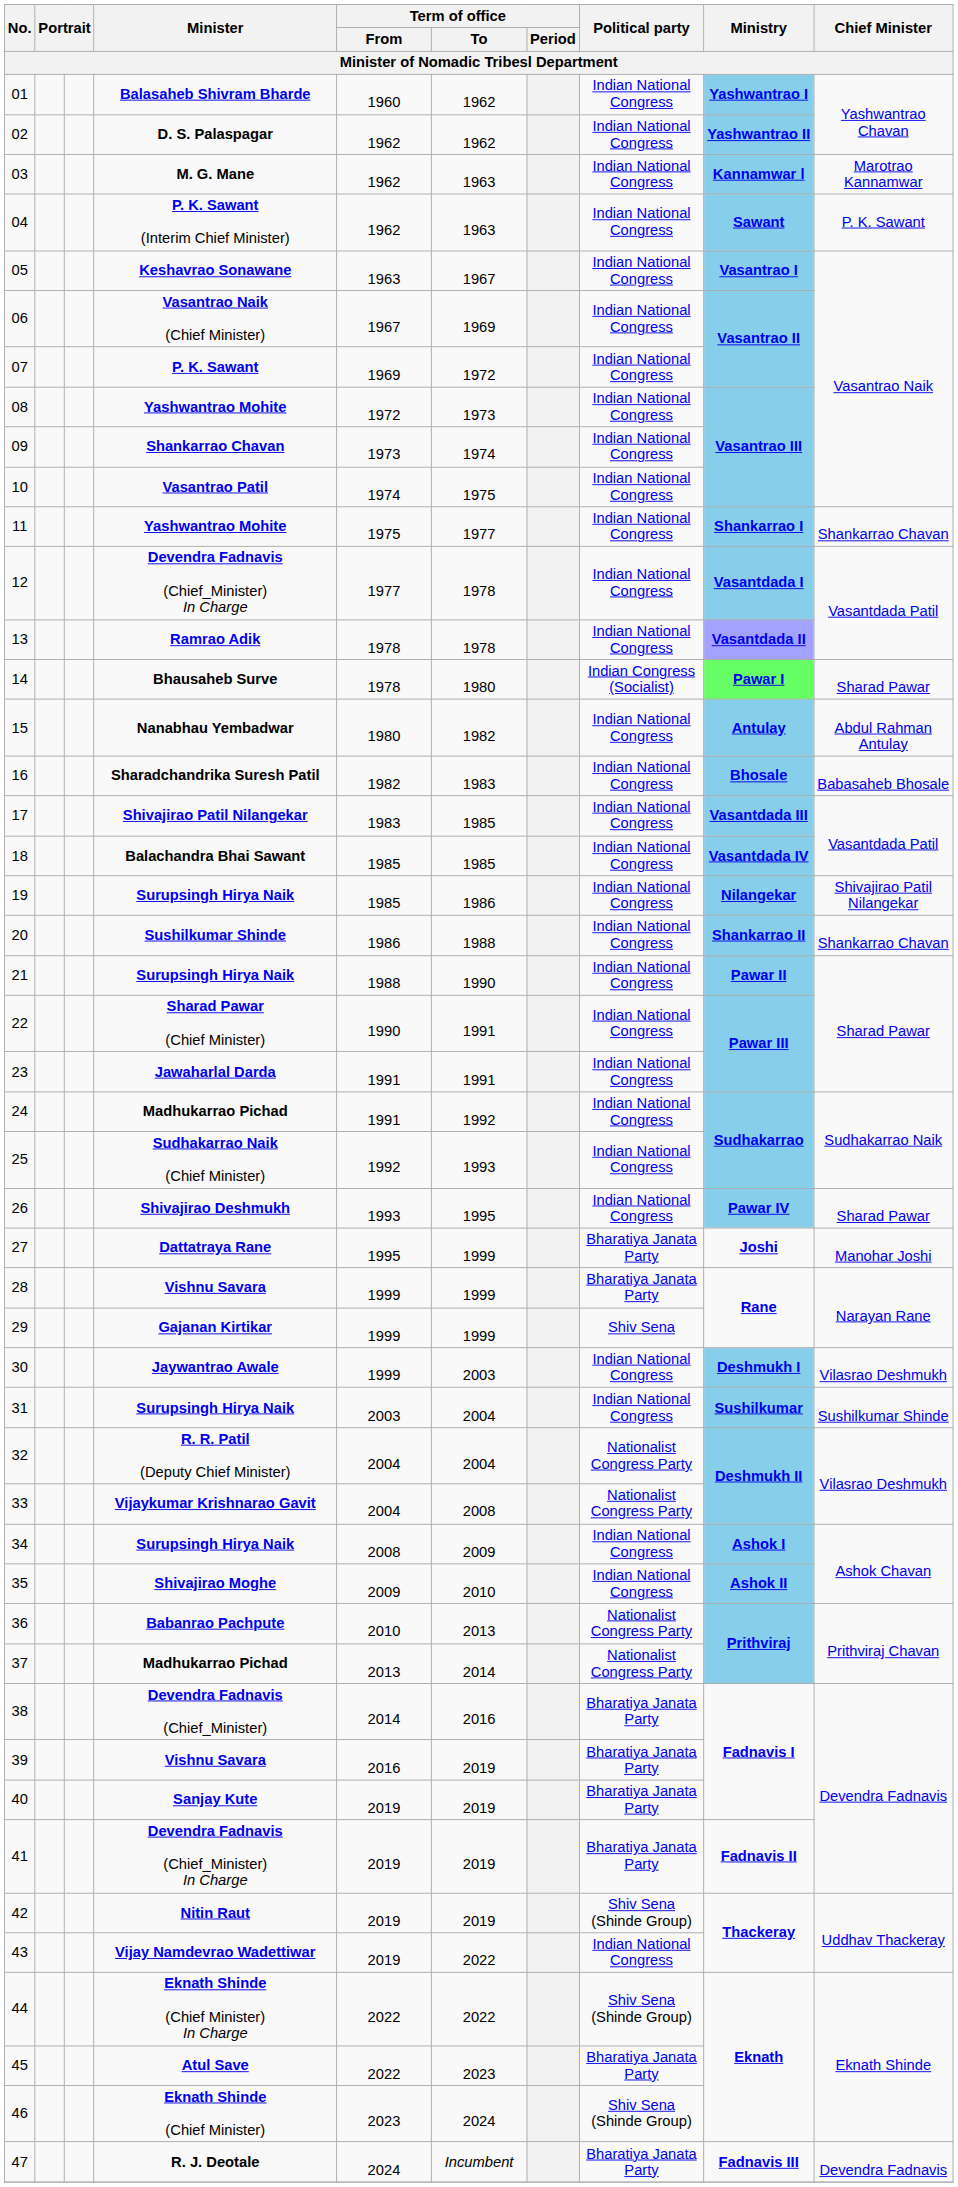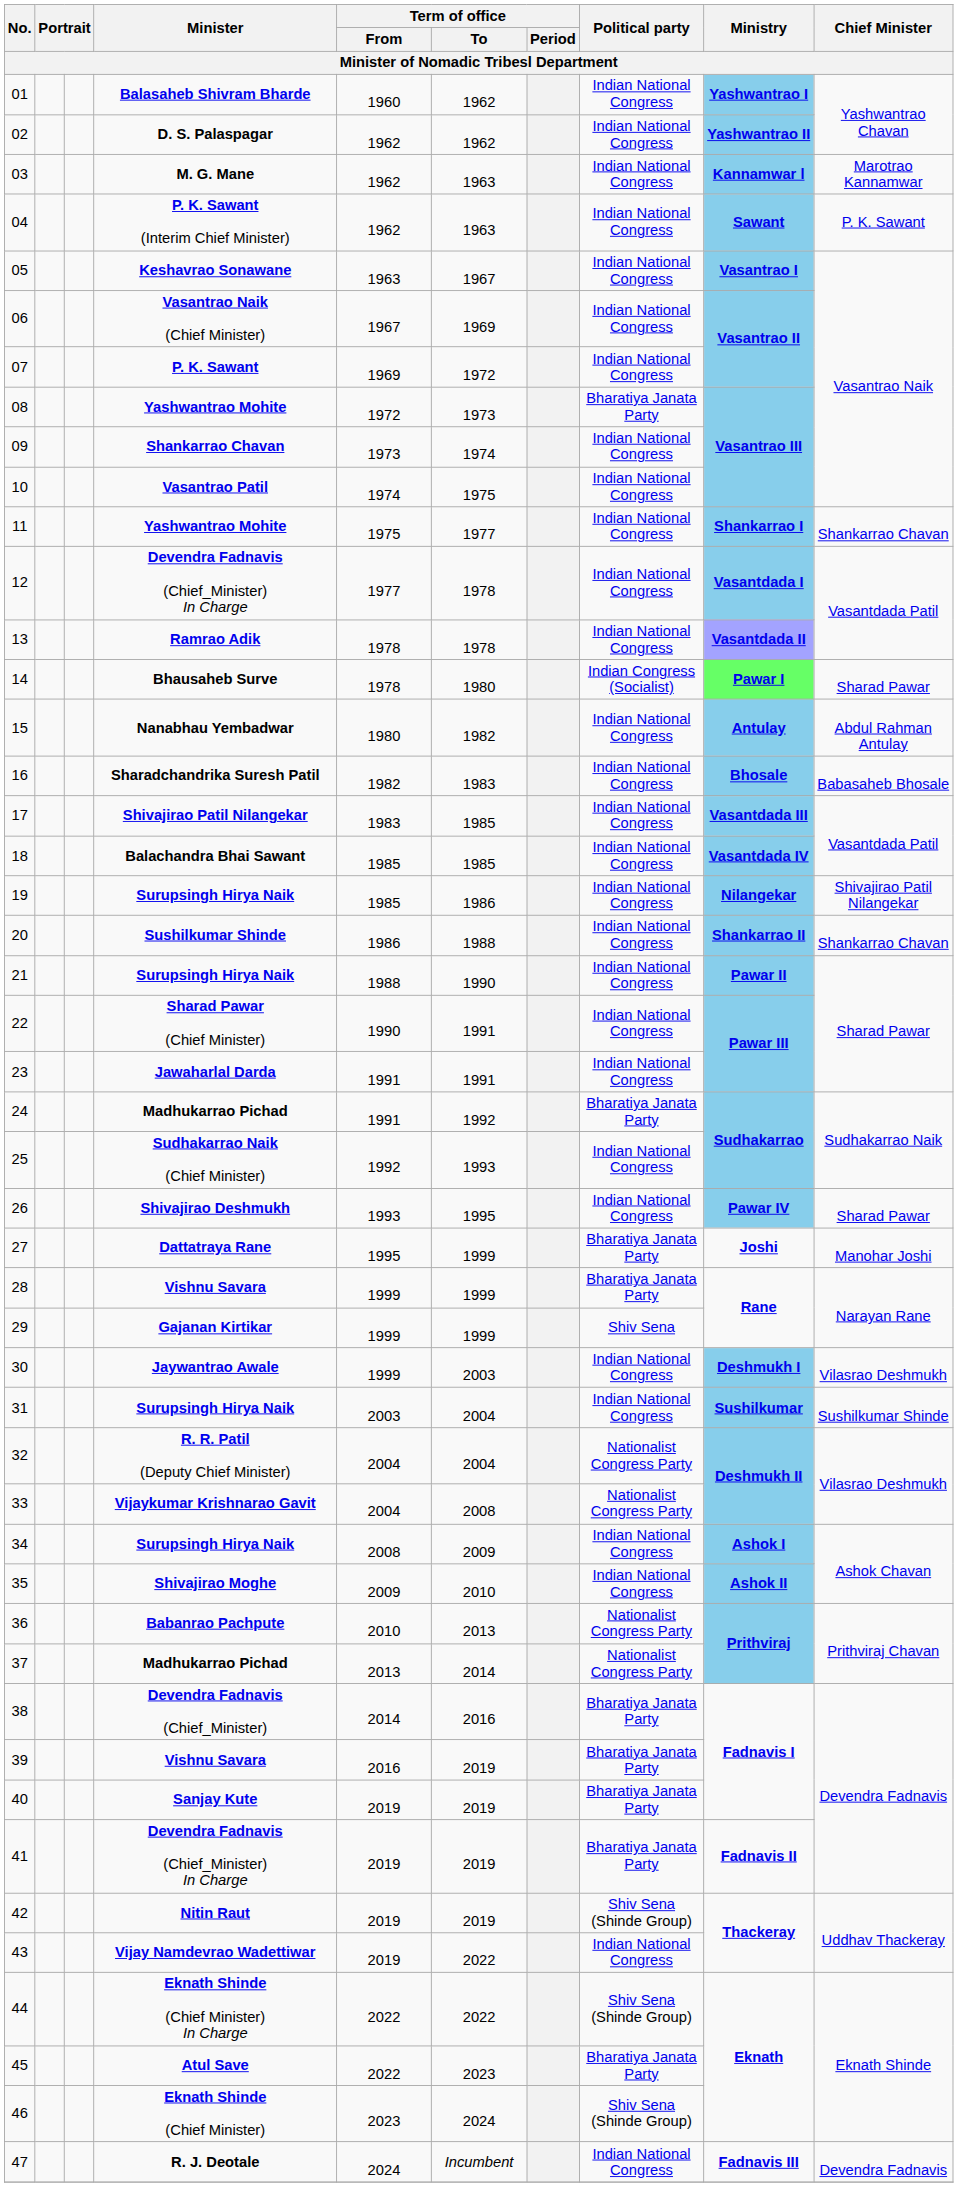 <table class="wikitable" style="text-align:center">
 <tr>
 <th rowspan="2">No.</th>
 <th rowspan="2" colspan="2">Portrait</th>
 <th rowspan="2" style="width:16em">Minister<br></th>
 <th colspan="3">Term of office</th>
 <th rowspan="2" style="width:8em">Political party</th>
 <th rowspan="2">Ministry</th>
 <th rowspan="2" style="width:9em">Chief Minister</th>
 </tr>
 <tr>
 <th style="width:6em">From</th>
 <th style="width:6em">To</th>
 <th>Period</th>
 </tr>
 <tr>
 <th colspan="10">Minister of Nomadic Tribesl Department</th>
 </tr>
 <tr>
 <td>01</td>
 <td style="color:inherit;background:"></td>
 <td></td>
 <td><strong><a href='#'>Balasaheb Shivram Bharde</a></strong> <br> </td>
 <td><br>1960</td>
 <td><br>1962</td>
 <th></th>
 <td><a href='#'>Indian National Congress</a></td>
 <td bgcolor="#87CEEB"><a href='#'><strong>Yashwantrao I</strong></a></td>
 <td rowspan="2"> <br><a href='#'>Yashwantrao Chavan</a></td>
 </tr>
 <tr>
 <td>02</td>
 <td style="color:inherit;background:"></td>
 <td></td>
 <td><strong>D. S. Palaspagar</strong>  <br> </td>
 <td><br>1962</td>
 <td><br>1962</td>
 <th></th>
 <td><a href='#'>Indian National Congress</a></td>
 <td bgcolor="#87CEEB"><a href='#'><strong>Yashwantrao II</strong></a></td>
 </tr>
 <tr>
 <td>03</td>
 <td style="color:inherit;background:"></td>
 <td></td>
 <td><strong>M. G. Mane</strong> <br> </td>
 <td><br>1962</td>
 <td><br>1963</td>
 <th></th>
 <td><a href='#'>Indian National Congress</a></td>
 <td bgcolor="#87CEEB"><a href='#'><strong>Kannamwar l</strong></a></td>
 <td><a href='#'>Marotrao Kannamwar</a></td>
 </tr>
 <tr>
 <td>04</td>
 <td style="color:inherit;background:"></td>
 <td></td>
 <td><strong><a href='#'>P. K. Sawant</a></strong> <br>  <br>(Interim Chief Minister)</td>
 <td><br>1962</td>
 <td><br>1963</td>
 <th></th>
 <td><a href='#'>Indian National Congress</a></td>
 <td bgcolor="#87CEEB"><a href='#'><strong>Sawant</strong></a></td>
 <td><a href='#'>P. K. Sawant</a></td>
 </tr>
 <tr>
 <td>05</td>
 <td style="color:inherit;background:"></td>
 <td></td>
 <td><strong><a href='#'>Keshavrao Sonawane</a></strong> <br> </td>
 <td><br>1963</td>
 <td><br>1967</td>
 <th></th>
 <td><a href='#'>Indian National Congress</a></td>
 <td bgcolor="#87CEEB"><a href='#'><strong>Vasantrao I</strong></a></td>
 <td rowspan="6"><br><a href='#'>Vasantrao Naik</a></td>
 </tr>
 <tr>
 <td>06</td>
 <td style="color:inherit;background:"></td>
 <td></td>
 <td><strong><a href='#'>Vasantrao Naik</a></strong> <br> <br> (Chief Minister)</td>
 <td><br>1967</td>
 <td><br>1969</td>
 <th></th>
 <td><a href='#'>Indian National Congress</a></td>
 <td rowspan="2" bgcolor="#87CEEB"><a href='#'><strong>Vasantrao II</strong></a></td>
 </tr>
 <tr>
 <td>07</td>
 <td style="color:inherit;background:"></td>
 <td></td>
 <td><strong><a href='#'>P. K. Sawant</a></strong> <br> </td>
 <td><br>1969</td>
 <td><br>1972</td>
 <th></th>
 <td><a href='#'>Indian National Congress</a></td>
 </tr>
 <tr>
 <td>08</td>
 <td style="color:inherit;background:"></td>
 <td></td>
 <td><strong><a href='#'>Yashwantrao Mohite</a></strong> <br> </td>
 <td><br>1972</td>
 <td><br>1973</td>
 <th></th>
-<td><a href='#'>Indian National Congress</a></td>
+<td><a href='#'>Bharatiya Janata Party</a></td>
 <td rowspan="3" bgcolor="#87CEEB"><a href='#'><strong>Vasantrao III</strong></a></td>
 </tr>
 <tr>
 <td>09</td>
 <td style="color:inherit;background:"></td>
 <td></td>
 <td><strong><a href='#'>Shankarrao Chavan</a></strong> <br> </td>
 <td><br>1973</td>
 <td><br>1974</td>
 <th></th>
 <td><a href='#'>Indian National Congress</a></td>
 </tr>
 <tr>
 <td>10</td>
 <td style="color:inherit;background:"></td>
 <td></td>
 <td><strong><a href='#'>Vasantrao Patil</a></strong> <br> </td>
 <td><br>1974</td>
 <td><br>1975</td>
 <th></th>
 <td><a href='#'>Indian National Congress</a></td>
 </tr>
 <tr>
 <td>11</td>
 <td style="color:inherit;background:"></td>
 <td></td>
 <td><strong><a href='#'>Yashwantrao Mohite</a></strong> <br> </td>
 <td><br>1975</td>
 <td><br>1977</td>
 <th></th>
 <td><a href='#'>Indian National Congress</a></td>
 <td rowspan="1" bgcolor="#87CEEB"><a href='#'><strong>Shankarrao I</strong></a></td>
 <td rowspan="1"><br><a href='#'>Shankarrao Chavan</a></td>
 </tr>
 <tr>
 <td>12</td>
 <td style="color:inherit;background:"></td>
 <td></td>
 <td><strong><a href='#'>Devendra Fadnavis</a></strong>  <br> <br>(Chief_Minister) <br><em>In Charge</em></td>
 <td><br>1977</td>
 <td><br>1978</td>
 <th></th>
 <td><a href='#'>Indian National Congress</a></td>
 <td rowspan="1" bgcolor="#88CEEB"><a href='#'><strong>Vasantdada I</strong></a></td>
 <td rowspan="2"><br><a href='#'>Vasantdada Patil</a></td>
 </tr>
 <tr>
 <td>13</td>
 <td style="color:inherit;background:"></td>
 <td></td>
 <td><strong><a href='#'>Ramrao Adik</a></strong> <br> </td>
 <td><br>1978</td>
 <td><br>1978</td>
 <th></th>
 <td><a href='#'>Indian National Congress</a></td>
 <td rowspan="1" bgcolor="#A3A3FF"><a href='#'><strong>Vasantdada II</strong></a></td>
 </tr>
 <tr>
 <td>14</td>
 <td style="color:inherit;background:"></td>
 <td></td>
 <td><strong>Bhausaheb Surve</strong> <br> </td>
 <td><br>1978</td>
 <td><br>1980</td>
 <th></th>
 <td><a href='#'>Indian Congress (Socialist)</a></td>
 <td rowspan="1" bgcolor="#66FF66"><a href='#'><strong>Pawar I</strong></a></td>
 <td rowspan="1"><br><a href='#'>Sharad Pawar</a></td>
 </tr>
 <tr>
 <td>15</td>
 <td style="color:inherit;background:"></td>
 <td></td>
 <td><strong>Nanabhau Yembadwar</strong> <br> </td>
 <td><br>1980</td>
 <td><br>1982</td>
 <th></th>
 <td><a href='#'>Indian National Congress</a></td>
 <td rowspan="1" bgcolor="#87CEEB"><a href='#'><strong>Antulay</strong></a></td>
 <td rowspan="1"> <br><a href='#'>Abdul Rahman Antulay</a></td>
 </tr>
 <tr>
 <td>16</td>
 <td style="color:inherit;background:"></td>
 <td></td>
 <td><strong>Sharadchandrika Suresh Patil</strong>  <br> </td>
 <td><br>1982</td>
 <td><br>1983</td>
 <th></th>
 <td><a href='#'>Indian National Congress</a></td>
 <td rowspan="1" bgcolor="#87CEEB"><a href='#'><strong>Bhosale</strong></a></td>
 <td rowspan="1"> <br><a href='#'>Babasaheb Bhosale</a></td>
 </tr>
 <tr>
 <td>17</td>
 <td style="color:inherit;background:"></td>
 <td></td>
 <td><strong><a href='#'>Shivajirao Patil Nilangekar</a></strong> <br> </td>
 <td><br>1983</td>
 <td><br>1985</td>
 <th></th>
 <td><a href='#'>Indian National Congress</a></td>
 <td rowspan="1" bgcolor="#87CEEB"><a href='#'><strong>Vasantdada III</strong></a></td>
 <td rowspan="2"><br><a href='#'>Vasantdada Patil</a></td>
 </tr>
 <tr>
 <td>18</td>
 <td style="color:inherit;background:"></td>
 <td></td>
 <td><strong>Balachandra Bhai Sawant</strong>  <br> </td>
 <td><br>1985</td>
 <td><br>1985</td>
 <th></th>
 <td><a href='#'>Indian National Congress</a></td>
 <td bgcolor="#87CEEB"><a href='#'><strong>Vasantdada IV</strong></a></td>
 </tr>
 <tr>
 <td>19</td>
 <td style="color:inherit;background:"></td>
 <td></td>
 <td><strong><a href='#'>Surupsingh Hirya Naik</a></strong>  <br> </td>
 <td><br>1985</td>
 <td><br>1986</td>
 <th></th>
 <td><a href='#'>Indian National Congress</a></td>
 <td bgcolor="#87CEEB"><a href='#'><strong>Nilangekar</strong></a></td>
 <td><a href='#'>Shivajirao Patil Nilangekar</a></td>
 </tr>
 <tr>
 <td>20</td>
 <td style="color:inherit;background:"></td>
 <td></td>
 <td><strong><a href='#'>Sushilkumar Shinde</a></strong> <br> </td>
 <td><br>1986</td>
 <td><br>1988</td>
 <th></th>
 <td><a href='#'>Indian National Congress</a></td>
 <td rowspan="1"bgcolor="#87CEEB"><a href='#'><strong>Shankarrao II</strong></a></td>
 <td rowspan="1"> <br><a href='#'>Shankarrao Chavan</a></td>
 </tr>
 <tr>
 <td>21</td>
 <td style="color:inherit;background:"></td>
 <td></td>
 <td><strong><a href='#'>Surupsingh Hirya Naik</a></strong> <br> </td>
 <td><br>1988</td>
 <td><br>1990</td>
 <th></th>
 <td><a href='#'>Indian National Congress</a></td>
 <td rowspan="1" bgcolor="#87CEEB"><a href='#'><strong>Pawar II</strong></a></td>
 <td rowspan="3"> <br><a href='#'>Sharad Pawar</a></td>
 </tr>
 <tr>
 <td>22</td>
 <td style="color:inherit;background:"></td>
 <td></td>
 <td><strong><a href='#'>Sharad Pawar</a></strong> <br> <br> (Chief Minister)</td>
 <td><br>1990</td>
 <td><br>1991</td>
 <th></th>
 <td><a href='#'>Indian National Congress</a></td>
 <td rowspan="2" bgcolor="#87CEEB"><a href='#'><strong>Pawar III</strong></a></td>
 </tr>
 <tr>
 <td>23</td>
 <td style="color:inherit;background:"></td>
 <td></td>
 <td><strong><a href='#'>Jawaharlal Darda</a></strong> <br> </td>
 <td><br>1991</td>
 <td><br>1991</td>
 <th></th>
 <td><a href='#'>Indian National Congress</a></td>
 </tr>
 <tr>
 <td>24</td>
 <td style="color:inherit;background:"></td>
 <td></td>
 <td><strong>Madhukarrao Pichad</strong> <br> </td>
 <td><br>1991</td>
 <td><br>1992</td>
 <th></th>
-<td><a href='#'>Indian National Congress</a></td>
+<td><a href='#'>Bharatiya Janata Party</a></td>
 <td rowspan="2" bgcolor="#87CEEB"><a href='#'><strong>Sudhakarrao</strong></a></td>
 <td rowspan="2"><a href='#'>Sudhakarrao Naik</a></td>
 </tr>
 <tr>
 <td>25</td>
 <td style="color:inherit;background:"></td>
 <td></td>
 <td><strong><a href='#'>Sudhakarrao Naik</a></strong> <br> <br> (Chief Minister)</td>
 <td><br>1992</td>
 <td><br>1993</td>
 <th></th>
 <td><a href='#'>Indian National Congress</a></td>
 </tr>
 <tr>
 <td>26</td>
 <td style="color:inherit;background:"></td>
 <td></td>
 <td><strong><a href='#'>Shivajirao Deshmukh</a></strong> <br> </td>
 <td><br>1993</td>
 <td><br>1995</td>
 <th></th>
 <td><a href='#'>Indian National Congress</a></td>
 <td bgcolor="#87CEEB"><a href='#'><strong>Pawar IV</strong></a></td>
 <td> <br><a href='#'>Sharad Pawar</a></td>
 </tr>
 <tr>
 <td>27</td>
 <td style="color:inherit;background:"></td>
 <td></td>
 <td><strong><a href='#'>Dattatraya Rane</a></strong> <br> </td>
 <td><br>1995</td>
 <td><br>1999</td>
 <th></th>
 <td><a href='#'>Bharatiya Janata Party</a></td>
 <td rowspan="1"><a href='#'><strong>Joshi</strong></a></td>
 <td rowspan="1"> <br><a href='#'>Manohar Joshi</a></td>
 </tr>
 <tr>
 <td>28</td>
 <td style="color:inherit;background:"></td>
 <td></td>
 <td><strong><a href='#'>Vishnu Savara</a></strong> <br> </td>
 <td><br>1999</td>
 <td><br>1999</td>
 <th></th>
 <td><a href='#'>Bharatiya Janata Party</a></td>
 <td rowspan="2"><a href='#'><strong>Rane</strong></a></td>
 <td rowspan="2"> <br><a href='#'>Narayan Rane</a></td>
 </tr>
 <tr>
 <td>29</td>
 <td style="color:inherit;background:"></td>
 <td></td>
 <td><strong><a href='#'>Gajanan Kirtikar</a></strong> <br> </td>
 <td><br>1999</td>
 <td><br>1999</td>
 <th></th>
 <td><a href='#'>Shiv Sena</a></td>
 </tr>
 <tr>
 <td>30</td>
 <td style="color:inherit;background:"></td>
 <td></td>
 <td><strong><a href='#'>Jaywantrao Awale</a></strong> <br> </td>
 <td><br>1999</td>
 <td><br>2003</td>
 <th></th>
 <td><a href='#'>Indian National Congress</a></td>
 <td rowspan="1" bgcolor="#87CEEB"><a href='#'><strong>Deshmukh I</strong></a></td>
 <td rowspan="1"> <br><a href='#'>Vilasrao Deshmukh</a></td>
 </tr>
 <tr>
 <td>31</td>
 <td style="color:inherit;background:"></td>
 <td></td>
 <td><strong><a href='#'>Surupsingh Hirya Naik</a></strong> <br> </td>
 <td><br>2003</td>
 <td><br>2004</td>
 <th></th>
 <td><a href='#'>Indian National Congress</a></td>
 <td rowspan="1" bgcolor="#87CEEB"><a href='#'><strong>Sushilkumar</strong></a></td>
 <td rowspan="1"> <br><a href='#'>Sushilkumar Shinde</a></td>
 </tr>
 <tr>
 <td>32</td>
 <td style="color:inherit;background:"></td>
 <td></td>
 <td><strong><a href='#'>R. R. Patil</a></strong> <br> <br> (Deputy Chief Minister)</td>
 <td><br>2004</td>
 <td><br>2004</td>
 <th></th>
 <td><a href='#'>Nationalist Congress Party</a></td>
 <td rowspan="2" bgcolor="#87CEEB"><a href='#'><strong>Deshmukh II</strong></a></td>
 <td rowspan="2"> <br><a href='#'>Vilasrao Deshmukh</a></td>
 </tr>
 <tr>
 <td>33</td>
 <td style="color:inherit;background:"></td>
 <td></td>
 <td><strong><a href='#'>Vijaykumar Krishnarao Gavit</a></strong> <br> </td>
 <td><br>2004</td>
 <td><br>2008</td>
 <th></th>
 <td><a href='#'>Nationalist Congress Party</a></td>
 </tr>
 <tr>
 <td>34</td>
 <td style="color:inherit;background:"></td>
 <td></td>
 <td><strong><a href='#'>Surupsingh Hirya Naik</a></strong> <br> </td>
 <td><br>2008</td>
 <td><br>2009</td>
 <th></th>
 <td><a href='#'>Indian National Congress</a></td>
 <td bgcolor="#87CEEB"><a href='#'><strong>Ashok I</strong></a></td>
 <td rowspan="2"><br><a href='#'>Ashok Chavan</a></td>
 </tr>
 <tr>
 <td>35</td>
 <td style="color:inherit;background:"></td>
 <td></td>
 <td><strong><a href='#'>Shivajirao Moghe</a></strong> <br> </td>
 <td><br>2009</td>
 <td><br>2010</td>
 <th></th>
 <td><a href='#'>Indian National Congress</a></td>
 <td bgcolor="#87CEEB"><a href='#'><strong>Ashok II</strong></a></td>
 </tr>
 <tr>
 <td>36</td>
 <td style="color:inherit;background:"></td>
 <td></td>
 <td><strong><a href='#'>Babanrao Pachpute</a></strong> <br> </td>
 <td><br>2010</td>
 <td><br>2013</td>
 <th></th>
 <td><a href='#'>Nationalist Congress Party</a></td>
 <td rowspan="2" bgcolor="#87CEEB"><a href='#'><strong>Prithviraj</strong></a></td>
 <td rowspan="2"><br><a href='#'>Prithviraj Chavan</a></td>
 </tr>
 <tr>
 <td>37</td>
 <td style="color:inherit;background:"></td>
 <td></td>
 <td><strong>Madhukarrao Pichad</strong> <br> </td>
 <td><br>2013</td>
 <td><br>2014</td>
 <th></th>
 <td><a href='#'>Nationalist Congress Party</a></td>
 </tr>
 <tr>
 <td>38</td>
 <td style="color:inherit;background:"></td>
 <td></td>
 <td><strong><a href='#'>Devendra Fadnavis</a></strong>  <br> <br>(Chief_Minister)</td>
 <td><br>2014</td>
 <td><br>2016</td>
 <th></th>
 <td rowspan="1"><a href='#'>Bharatiya Janata Party</a></td>
 <td rowspan="3"><a href='#'><strong>Fadnavis I</strong></a></td>
 <td rowspan="4"> <br><a href='#'>Devendra Fadnavis</a></td>
 </tr>
 <tr>
 <td>39</td>
 <td style="color:inherit;background:"></td>
 <td></td>
 <td><strong><a href='#'>Vishnu Savara</a></strong> <br> </td>
 <td><br>2016</td>
 <td><br>2019</td>
 <th></th>
 <td rowspan="1"><a href='#'>Bharatiya Janata Party</a></td>
 </tr>
 <tr>
 <td>40</td>
 <td style="color:inherit;background:"></td>
 <td></td>
 <td><strong><a href='#'>Sanjay Kute</a></strong> <br> </td>
 <td><br>2019</td>
 <td><br>2019</td>
 <th></th>
 <td><a href='#'>Bharatiya Janata Party</a></td>
 </tr>
 <tr>
 <td>41</td>
 <td style="color:inherit;background:"></td>
 <td></td>
 <td><strong><a href='#'>Devendra Fadnavis</a></strong>  <br> <br>(Chief_Minister) <br><em>In Charge</em></td>
 <td><br>2019</td>
 <td><br>2019</td>
 <th></th>
 <td><a href='#'>Bharatiya Janata Party</a></td>
 <td rowspan="1"><a href='#'><strong>Fadnavis II</strong></a></td>
 </tr>
 <tr>
 <td>42</td>
 <td style="color:inherit;background:"></td>
 <td></td>
 <td><strong><a href='#'>Nitin Raut</a></strong> <br> </td>
 <td><br>2019</td>
 <td><br>2019</td>
 <th></th>
 <td><a href='#'>Shiv Sena</a> (Shinde Group)</td>
 <td rowspan="2"><a href='#'><strong>Thackeray</strong></a></td>
 <td rowspan="2"> <br><a href='#'>Uddhav Thackeray</a></td>
 </tr>
 <tr>
 <td>43</td>
 <td style="color:inherit;background:"></td>
 <td></td>
 <td><strong><a href='#'>Vijay Namdevrao Wadettiwar</a></strong> <br> </td>
 <td><br>2019</td>
 <td><br>2022</td>
 <th></th>
 <td><a href='#'>Indian National Congress</a></td>
 </tr>
 <tr>
 <td>44</td>
 <td style="color:inherit;background:"></td>
 <td></td>
 <td><strong><a href='#'>Eknath Shinde</a></strong> <br>  <br>(Chief Minister)<br><em>In Charge</em></td>
 <td><br>2022</td>
 <td><br>2022</td>
 <th></th>
 <td><a href='#'>Shiv Sena</a> (Shinde Group)</td>
 <td rowspan="3"><a href='#'><strong>Eknath</strong></a></td>
 <td rowspan="3"> <br><a href='#'>Eknath Shinde</a></td>
 </tr>
 <tr>
 <td>45</td>
 <td style="color:inherit;background:"></td>
 <td></td>
 <td><strong><a href='#'>Atul Save</a></strong> <br> </td>
 <td><br>2022</td>
 <td><br>2023</td>
 <th></th>
 <td><a href='#'>Bharatiya Janata Party</a></td>
 </tr>
 <tr>
 <td>46</td>
 <td style="color:inherit;background:"></td>
 <td></td>
 <td><strong><a href='#'>Eknath Shinde</a></strong> <br>  <br>(Chief Minister)</td>
 <td><br>2023</td>
 <td><br>2024</td>
 <th></th>
 <td><a href='#'>Shiv Sena</a> (Shinde Group)</td>
 </tr>
 <tr>
 <td>47</td>
 <td style="color:inherit;background:"></td>
 <td></td>
 <td><strong>R. J. Deotale</strong> <br> </td>
 <td><br>2024</td>
 <td><em>Incumbent</em></td>
 <th></th>
-<td><a href='#'>Bharatiya Janata Party</a></td>
+<td><a href='#'>Indian National Congress</a></td>
 <td rowspan="1"><a href='#'><strong>Fadnavis III</strong></a></td>
 <td rowspan="1"> <br><a href='#'>Devendra Fadnavis</a></td>
 </tr>
 <tr>
 </tr>
 </table>
